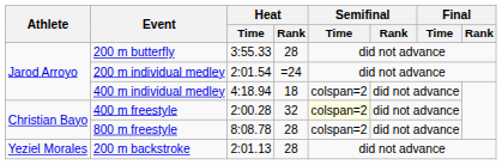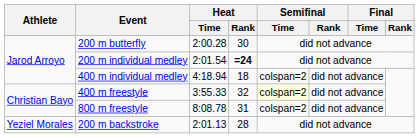 <table class="wikitable" style="text-align:center; font-size:90%">
 <tr>
 <th rowspan="2">Athlete</th>
 <th rowspan="2">Event</th>
 <th colspan="2">Heat</th>
 <th colspan="2">Semifinal</th>
 <th colspan="2">Final</th>
 </tr>
 <tr style="font-size:95%">
 <th>Time</th>
 <th>Rank</th>
 <th>Time</th>
 <th>Rank</th>
 <th>Time</th>
 <th>Rank</th>
 </tr>
 <tr>
 <td align=left rowspan=3><a href='#'>Jarod Arroyo</a></td>
 <td align=left><a href='#'>200 m butterfly</a></td>
-<td>3:55.33</td>
-<td>28</td>
+<td>2:00.28</td>
+<td>30</td>
 <td colspan=4>did not advance</td>
 </tr>
 <tr>
 <td align=left><a href='#'>200 m individual medley</a></td>
 <td>2:01.54</td>
-<td>=24</td>
+<td><strong>=24</strong></td>
 <td colspan=4>did not advance</td>
 </tr>
 <tr>
 <td align=left><a href='#'>400 m individual medley</a></td>
 <td>4:18.94</td>
 <td>18</td>
 <td>colspan=2</td>
 <td colspan=2>did not advance</td>
 </tr>
 <tr>
 <td align=left rowspan=2><a href='#'>Christian Bayo</a></td>
 <td align=left><a href='#'>400 m freestyle</a></td>
-<td>2:00.28</td>
+<td>3:55.33</td>
 <td>32</td>
 <td style="background: lightyellow;">colspan=2</td>
 <td colspan=2>did not advance</td>
 </tr>
 <tr>
 <td align=left><a href='#'>800 m freestyle</a></td>
 <td>8:08.78</td>
-<td>28</td>
+<td>31</td>
 <td>colspan=2</td>
 <td colspan=2>did not advance</td>
 </tr>
 <tr>
 <td align=left><a href='#'>Yeziel Morales</a></td>
 <td align=left><a href='#'>200 m backstroke</a></td>
 <td>2:01.13</td>
 <td>28</td>
 <td colspan=4>did not advance</td>
 </tr>
 </table>
